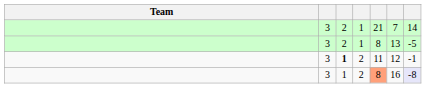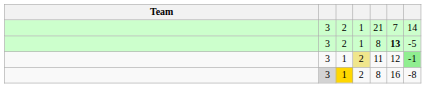 <table class=wikitable style="text-align:center">
 <tr>
 <th width=500>Team</th>
 <th width=20></th>
 <th width=20></th>
 <th width=20></th>
 <th width=20></th>
 <th width=20></th>
 <th width=20></th>
 </tr>
 <tr bgcolor=ccffcc>
 <td style="text-align:left"></td>
 <td>3</td>
 <td>2</td>
 <td>1</td>
 <td>21</td>
 <td>7</td>
 <td>14</td>
 </tr>
 <tr bgcolor=ccffcc>
 <td style="text-align:left"></td>
 <td>3</td>
 <td>2</td>
 <td>1</td>
 <td>8</td>
-<td>13</td>
+<td><strong>13</strong></td>
 <td>-5</td>
 </tr>
 <tr>
 <td style="text-align:left"></td>
 <td>3</td>
-<td><strong>1</strong></td>
-<td>2</td>
+<td>1</td>
+<td style="background: khaki;">2</td>
 <td>11</td>
 <td>12</td>
-<td>-1</td>
+<td style="background: lightgreen;">-1</td>
 </tr>
 <tr>
 <td style="text-align:left"></td>
-<td>3</td>
-<td>1</td>
+<td style="background: lightgrey;">3</td>
+<td style="background: gold;">1</td>
 <td>2</td>
-<td style="background: lightsalmon;">8</td>
+<td>8</td>
 <td>16</td>
-<td style="background: lavender;">-8</td>
+<td>-8</td>
 </tr>
 </table>
